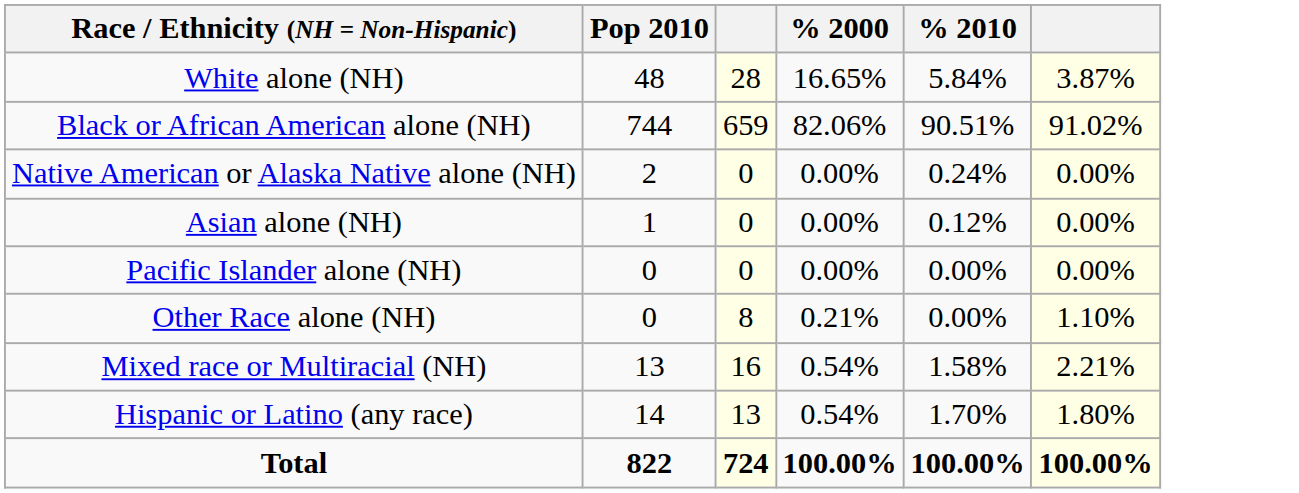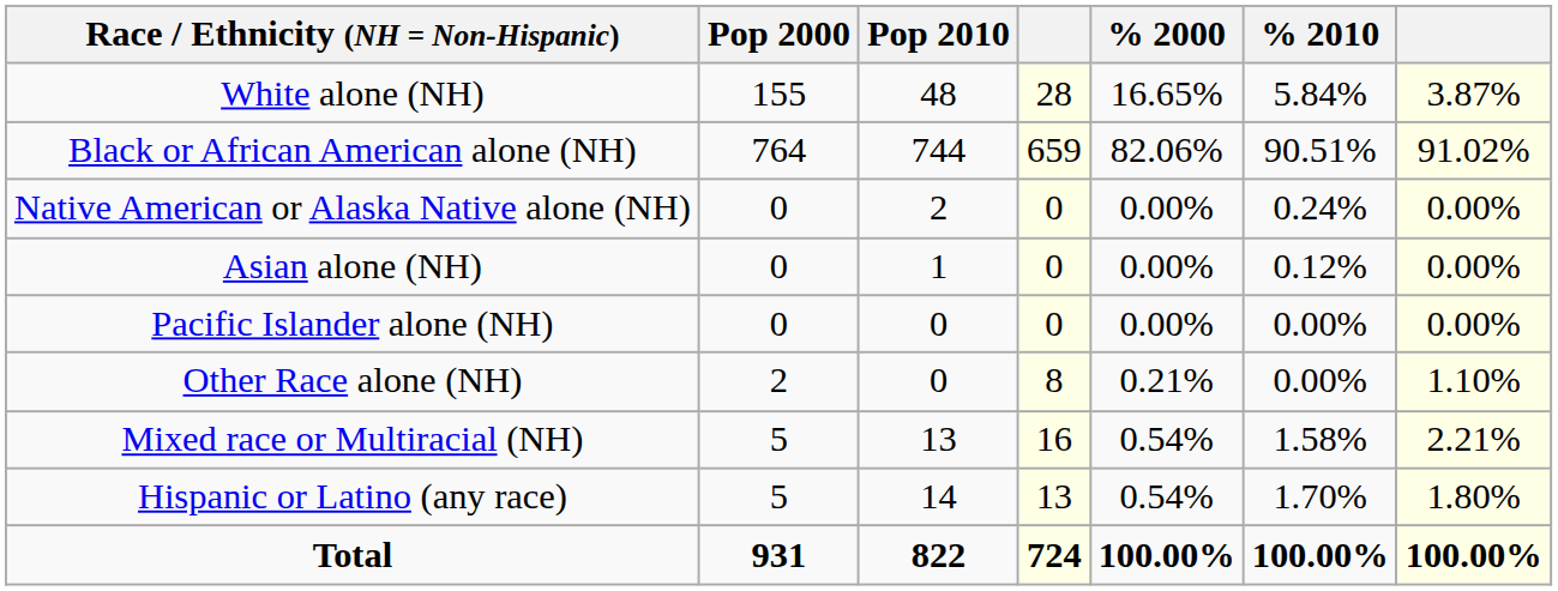 <table class="wikitable" style="text-align:center;">
 <tr>
 <th>Race / Ethnicity <small>(<em>NH = Non-Hispanic</em>)</small></th>
+<th>Pop 2000</th>
 <th>Pop 2010</th>
 <th></th>
 <th>% 2000</th>
 <th>% 2010</th>
 <th></th>
 </tr>
 <tr>
 <td><a href='#'>White</a> alone (NH)</td>
+<td>155</td>
 <td>48</td>
 <td style='background: #ffffe6;'>28</td>
 <td>16.65%</td>
 <td>5.84%</td>
 <td style='background: #ffffe6;'>3.87%</td>
 </tr>
 <tr>
 <td><a href='#'>Black or African American</a> alone (NH)</td>
+<td>764</td>
 <td>744</td>
 <td style='background: #ffffe6;'>659</td>
 <td>82.06%</td>
 <td>90.51%</td>
 <td style='background: #ffffe6;'>91.02%</td>
 </tr>
 <tr>
 <td><a href='#'>Native American</a> or <a href='#'>Alaska Native</a> alone (NH)</td>
+<td>0</td>
 <td>2</td>
 <td style='background: #ffffe6;'>0</td>
 <td>0.00%</td>
 <td>0.24%</td>
 <td style='background: #ffffe6;'>0.00%</td>
 </tr>
 <tr>
 <td><a href='#'>Asian</a> alone (NH)</td>
+<td>0</td>
 <td>1</td>
 <td style='background: #ffffe6;'>0</td>
 <td>0.00%</td>
 <td>0.12%</td>
 <td style='background: #ffffe6;'>0.00%</td>
 </tr>
 <tr>
 <td><a href='#'>Pacific Islander</a> alone (NH)</td>
 <td>0</td>
+<td>0</td>
 <td style='background: #ffffe6;'>0</td>
 <td>0.00%</td>
 <td>0.00%</td>
 <td style='background: #ffffe6;'>0.00%</td>
 </tr>
 <tr>
 <td><a href='#'>Other Race</a> alone (NH)</td>
+<td>2</td>
 <td>0</td>
 <td style='background: #ffffe6;'>8</td>
 <td>0.21%</td>
 <td>0.00%</td>
 <td style='background: #ffffe6;'>1.10%</td>
 </tr>
 <tr>
 <td><a href='#'>Mixed race or Multiracial</a> (NH)</td>
+<td>5</td>
 <td>13</td>
 <td style='background: #ffffe6;'>16</td>
 <td>0.54%</td>
 <td>1.58%</td>
 <td style='background: #ffffe6;'>2.21%</td>
 </tr>
 <tr>
 <td><a href='#'>Hispanic or Latino</a> (any race)</td>
+<td>5</td>
 <td>14</td>
 <td style='background: #ffffe6;'>13</td>
 <td>0.54%</td>
 <td>1.70%</td>
 <td style='background: #ffffe6;'>1.80%</td>
 </tr>
 <tr>
 <td><strong>Total</strong></td>
+<td><strong>931</strong></td>
 <td><strong>822</strong></td>
 <td style='background: #ffffe6;'><strong>724</strong></td>
 <td><strong>100.00%</strong></td>
 <td><strong>100.00%</strong></td>
 <td style='background: #ffffe6;'><strong>100.00%</strong></td>
 </tr>
 </table>
